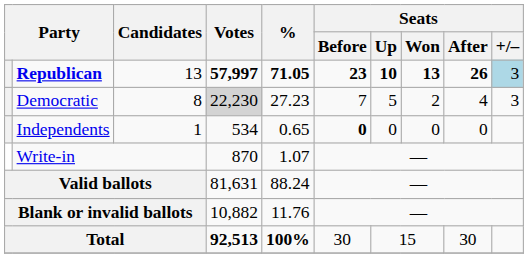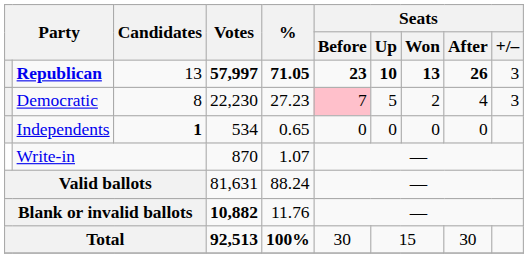 <table class="wikitable">
 <tr>
 <th rowspan="2" colspan="2">Party</th>
 <th rowspan="2">Candidates</th>
 <th rowspan="2">Votes</th>
 <th rowspan="2">%</th>
 <th colspan="5">Seats</th>
 </tr>
 <tr>
 <th>Before<br></th>
 <th>Up</th>
 <th>Won</th>
 <th>After<br></th>
 <th>+/–</th>
 </tr>
 <tr>
 <th style="background-color:"></th>
 <td><strong><a href='#'>Republican</a></strong></td>
 <td align="right">13</td>
 <td align="right"><strong>57,997</strong></td>
 <td align="right"><strong>71.05</strong></td>
 <td align="right"><strong>23</strong></td>
 <td align="right"><strong>10</strong></td>
 <td align="right"><strong>13</strong></td>
 <td align="right"><strong>26</strong></td>
-<td align="right" style="background: lightblue;"> 3</td>
+<td align="right"> 3</td>
 </tr>
 <tr>
 <th style="background-color:"></th>
 <td><a href='#'>Democratic</a></td>
 <td align="right">8</td>
-<td align="right" style="background: lightgrey;">22,230</td>
+<td align="right">22,230</td>
 <td align="right">27.23</td>
-<td align="right">7</td>
+<td align="right" style="background: pink;">7</td>
 <td align="right">5</td>
 <td align="right">2</td>
 <td align="right">4</td>
 <td align="right"> 3</td>
 </tr>
 <tr>
 <th style="background-color:"></th>
 <td><a href='#'>Independents</a></td>
-<td align="right">1</td>
+<td align="right"><strong>1</strong></td>
 <td align="right">534</td>
 <td align="right">0.65</td>
-<td align="right"><strong>0</strong></td>
+<td align="right">0</td>
 <td align="right">0</td>
 <td align="right">0</td>
 <td align="right">0</td>
 <td align="right"></td>
 </tr>
 <tr>
 <th style="background-color:#ffffff"></th>
 <td colspan=2><a href='#'>Write-in</a></td>
 <td align="right">870</td>
 <td align="right">1.07</td>
 <td align="center" colspan="5">—</td>
 </tr>
 <tr>
 <th colspan="3">Valid ballots</th>
 <td align="right">81,631</td>
 <td align="right">88.24</td>
 <td align="center" colspan="5">—</td>
 </tr>
 <tr>
 <th colspan="3">Blank or invalid ballots</th>
-<td align="right">10,882</td>
+<td align="right"><strong>10,882</strong></td>
 <td align="right">11.76</td>
 <td align="center" colspan="5">—</td>
 </tr>
 <tr>
 <th colspan="3">Total</th>
 <td align="right"><strong>92,513</strong></td>
 <td align="right"><strong>100%</strong></td>
 <td align="center">30</td>
 <td colspan="2" align="center">15</td>
 <td align="center">30</td>
 <td align="right"></td>
 </tr>
 <tr>
 </tr>
 </table>
